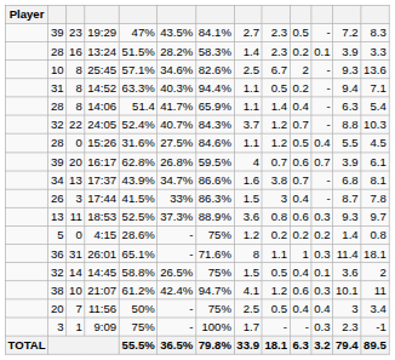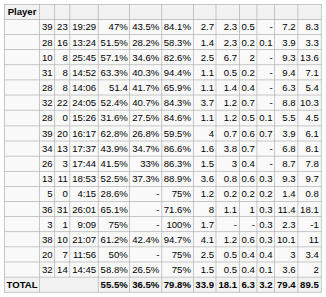 <table class="wikitable sortable" style="font-size:95%; text-align:right;">
 <tr>
 <th>Player</th>
 <th></th>
 <th></th>
 <th></th>
 <th></th>
 <th></th>
 <th></th>
 <th></th>
 <th></th>
 <th></th>
 <th></th>
 <th></th>
 <th></th>
 </tr>
 <tr>
 <td></td>
 <td>39</td>
 <td>23</td>
 <td>19:29</td>
 <td>47%</td>
 <td>43.5%</td>
 <td>84.1%</td>
 <td>2.7</td>
 <td>2.3</td>
 <td>0.5</td>
 <td>-</td>
 <td>7.2</td>
 <td>8.3</td>
 </tr>
 <tr>
 <td></td>
 <td>28</td>
 <td>16</td>
 <td>13:24</td>
 <td>51.5%</td>
 <td>28.2%</td>
 <td>58.3%</td>
 <td>1.4</td>
 <td>2.3</td>
 <td>0.2</td>
 <td>0.1</td>
 <td>3.9</td>
 <td>3.3</td>
 </tr>
 <tr>
 <td></td>
 <td>10</td>
 <td>8</td>
 <td>25:45</td>
 <td>57.1%</td>
 <td>34.6%</td>
 <td>82.6%</td>
 <td>2.5</td>
 <td>6.7</td>
 <td>2</td>
 <td>-</td>
 <td>9.3</td>
 <td>13.6</td>
 </tr>
 <tr>
 <td></td>
 <td>31</td>
 <td>8</td>
 <td>14:52</td>
 <td>63.3%</td>
 <td>40.3%</td>
 <td>94.4%</td>
 <td>1.1</td>
 <td>0.5</td>
 <td>0.2</td>
 <td>-</td>
 <td>9.4</td>
 <td>7.1</td>
 </tr>
 <tr>
 <td></td>
 <td>28</td>
 <td>8</td>
 <td>14:06</td>
 <td>51.4</td>
 <td>41.7%</td>
 <td>65.9%</td>
 <td>1.1</td>
 <td>1.4</td>
 <td>0.4</td>
 <td>-</td>
 <td>6.3</td>
 <td>5.4</td>
 </tr>
 <tr>
 <td></td>
 <td>32</td>
 <td>22</td>
 <td>24:05</td>
 <td>52.4%</td>
 <td>40.7%</td>
 <td>84.3%</td>
 <td>3.7</td>
 <td>1.2</td>
 <td>0.7</td>
 <td>-</td>
 <td>8.8</td>
 <td>10.3</td>
 </tr>
 <tr>
 <td></td>
 <td>28</td>
 <td>0</td>
 <td>15:26</td>
 <td>31.6%</td>
 <td>27.5%</td>
 <td>84.6%</td>
 <td>1.1</td>
 <td>1.2</td>
 <td>0.5</td>
-<td>0.4</td>
+<td>0.1</td>
 <td>5.5</td>
 <td>4.5</td>
 </tr>
 <tr>
 <td></td>
 <td>39</td>
 <td>20</td>
 <td>16:17</td>
 <td>62.8%</td>
 <td>26.8%</td>
 <td>59.5%</td>
 <td>4</td>
 <td>0.7</td>
 <td>0.6</td>
 <td>0.7</td>
 <td>3.9</td>
 <td>6.1</td>
 </tr>
 <tr>
 <td></td>
 <td>34</td>
 <td>13</td>
 <td>17:37</td>
 <td>43.9%</td>
 <td>34.7%</td>
 <td>86.6%</td>
 <td>1.6</td>
 <td>3.8</td>
 <td>0.7</td>
 <td>-</td>
 <td>6.8</td>
 <td>8.1</td>
 </tr>
 <tr>
 <td></td>
 <td>26</td>
 <td>3</td>
 <td>17:44</td>
 <td>41.5%</td>
 <td>33%</td>
 <td>86.3%</td>
 <td>1.5</td>
 <td>3</td>
 <td>0.4</td>
 <td>-</td>
 <td>8.7</td>
 <td>7.8</td>
 </tr>
 <tr>
 <td></td>
 <td>13</td>
 <td>11</td>
 <td>18:53</td>
 <td>52.5%</td>
 <td>37.3%</td>
 <td>88.9%</td>
 <td>3.6</td>
 <td>0.8</td>
 <td>0.6</td>
 <td>0.3</td>
 <td>9.3</td>
 <td>9.7</td>
 </tr>
 <tr>
 <td></td>
 <td>5</td>
 <td>0</td>
 <td>4:15</td>
 <td>28.6%</td>
 <td>-</td>
 <td>75%</td>
 <td>1.2</td>
 <td>0.2</td>
 <td>0.2</td>
 <td>0.2</td>
 <td>1.4</td>
 <td>0.8</td>
 </tr>
 <tr>
 <td></td>
 <td>36</td>
 <td>31</td>
 <td>26:01</td>
 <td>65.1%</td>
 <td>-</td>
 <td>71.6%</td>
 <td>8</td>
 <td>1.1</td>
 <td>1</td>
 <td>0.3</td>
 <td>11.4</td>
 <td>18.1</td>
 </tr>
 <tr>
 <td></td>
-<td>32</td>
-<td>14</td>
-<td>14:45</td>
-<td>58.8%</td>
-<td>26.5%</td>
+<td>3</td>
+<td>1</td>
+<td>9:09</td>
 <td>75%</td>
-<td>1.5</td>
-<td>0.5</td>
-<td>0.4</td>
-<td>0.1</td>
-<td>3.6</td>
-<td>2</td>
+<td>-</td>
+<td>100%</td>
+<td>1.7</td>
+<td>-</td>
+<td>-</td>
+<td>0.3</td>
+<td>2.3</td>
+<td>-1</td>
 </tr>
 <tr>
 <td></td>
 <td>38</td>
 <td>10</td>
 <td>21:07</td>
 <td>61.2%</td>
 <td>42.4%</td>
 <td>94.7%</td>
 <td>4.1</td>
 <td>1.2</td>
 <td>0.6</td>
 <td>0.3</td>
 <td>10.1</td>
 <td>11</td>
 </tr>
 <tr>
 <td></td>
 <td>20</td>
 <td>7</td>
 <td>11:56</td>
 <td>50%</td>
 <td>-</td>
 <td>75%</td>
 <td>2.5</td>
 <td>0.5</td>
 <td>0.4</td>
 <td>0.4</td>
 <td>3</td>
 <td>3.4</td>
 </tr>
 <tr>
 <td></td>
-<td>3</td>
-<td>1</td>
-<td>9:09</td>
+<td>32</td>
+<td>14</td>
+<td>14:45</td>
+<td>58.8%</td>
+<td>26.5%</td>
 <td>75%</td>
-<td>-</td>
-<td>100%</td>
-<td>1.7</td>
-<td>-</td>
-<td>-</td>
-<td>0.3</td>
-<td>2.3</td>
-<td>-1</td>
+<td>1.5</td>
+<td>0.5</td>
+<td>0.4</td>
+<td>0.1</td>
+<td>3.6</td>
+<td>2</td>
 </tr>
 <tr>
 <th align=center><strong>TOTAL</strong></th>
 <th colspan=3></th>
 <th>55.5%</th>
 <th>36.5%</th>
 <th>79.8%</th>
 <th>33.9</th>
 <th>18.1</th>
 <th>6.3</th>
 <th>3.2</th>
 <th>79.4</th>
 <th>89.5</th>
 </tr>
 </table>
